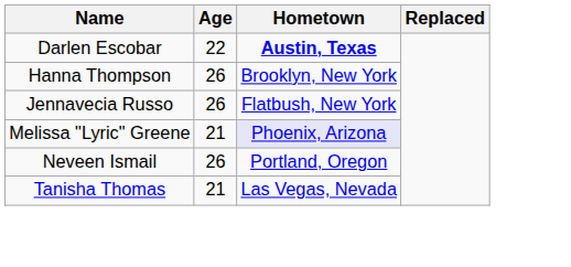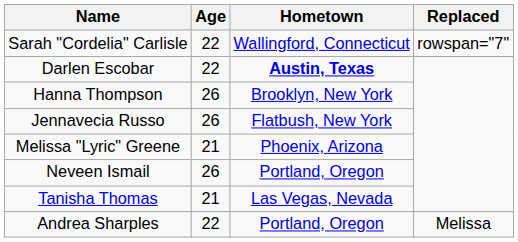 <table class="wikitable sortable plainrowheaders" style="text-align:center;">
 <tr>
 <th scope="col">Name</th>
 <th scope="col">Age</th>
 <th scope="col">Hometown</th>
 <th scope="col">Replaced</th>
+</tr>
+<tr>
+<td scope="row">Sarah "Cordelia" Carlisle</td>
+<td>22</td>
+<td><a href='#'>Wallingford, Connecticut</a></td>
+<td>rowspan="7" </td>
 </tr>
 <tr>
 <td scope="row">Darlen Escobar</td>
 <td>22</td>
 <td><strong><a href='#'>Austin, Texas</a></strong></td>
 </tr>
 <tr>
 <td scope="row">Hanna Thompson</td>
 <td>26</td>
 <td><a href='#'>Brooklyn, New York</a></td>
 </tr>
 <tr>
 <td scope="row">Jennavecia Russo</td>
 <td>26</td>
 <td><a href='#'>Flatbush, New York</a></td>
 </tr>
 <tr>
 <td scope="row">Melissa "Lyric" Greene</td>
 <td>21</td>
-<td style="background: lavender;"><a href='#'>Phoenix, Arizona</a></td>
+<td><a href='#'>Phoenix, Arizona</a></td>
 </tr>
 <tr>
 <td scope="row">Neveen Ismail</td>
 <td>26</td>
 <td><a href='#'>Portland, Oregon</a></td>
 </tr>
 <tr>
 <td scope="row"><a href='#'>Tanisha Thomas</a></td>
 <td>21</td>
 <td><a href='#'>Las Vegas, Nevada</a></td>
 </tr>
+<tr>
+<td scope="row">Andrea Sharples</td>
+<td>22</td>
+<td><a href='#'>Portland, Oregon</a></td>
+<td>Melissa</td>
+</tr>
 </table>
